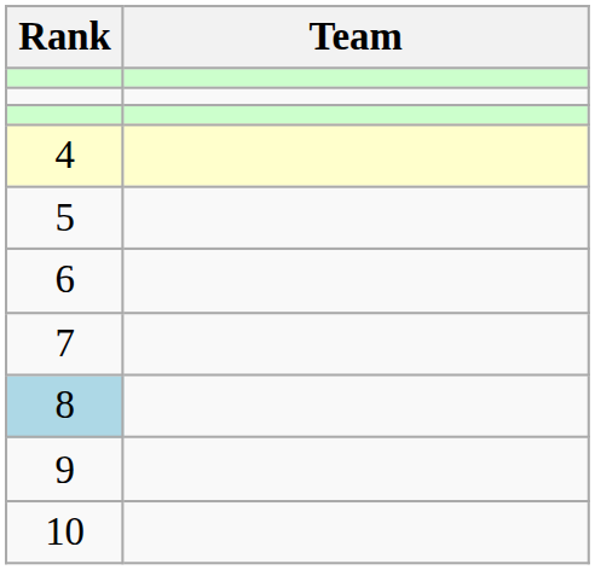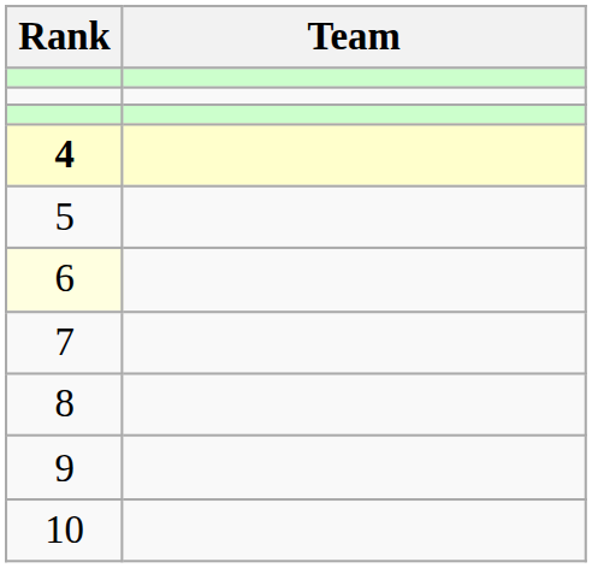 <table class="wikitable" style="text-align: center;">
 <tr>
 <th width=40>Rank</th>
 <th width=180>Team</th>
 </tr>
 <tr bgcolor=#ccffcc>
 <td></td>
 <td align="left"></td>
 </tr>
 <tr>
 <td></td>
 <td align="left"></td>
 </tr>
 <tr bgcolor=#ccffcc>
 <td></td>
 <td align="left"></td>
 </tr>
 <tr bgcolor=#ffffcc>
-<td>4</td>
+<td><strong>4</strong></td>
 <td align="left"></td>
 </tr>
 <tr>
 <td>5</td>
 <td align="left"></td>
 </tr>
 <tr>
-<td>6</td>
+<td style="background: lightyellow;">6</td>
 <td align="left"></td>
 </tr>
 <tr>
 <td>7</td>
 <td align="left"></td>
 </tr>
 <tr>
-<td style="background: lightblue;">8</td>
+<td>8</td>
 <td align="left"></td>
 </tr>
 <tr>
 <td>9</td>
 <td align="left"></td>
 </tr>
 <tr>
 <td>10</td>
 <td align="left"></td>
 </tr>
 </table>
